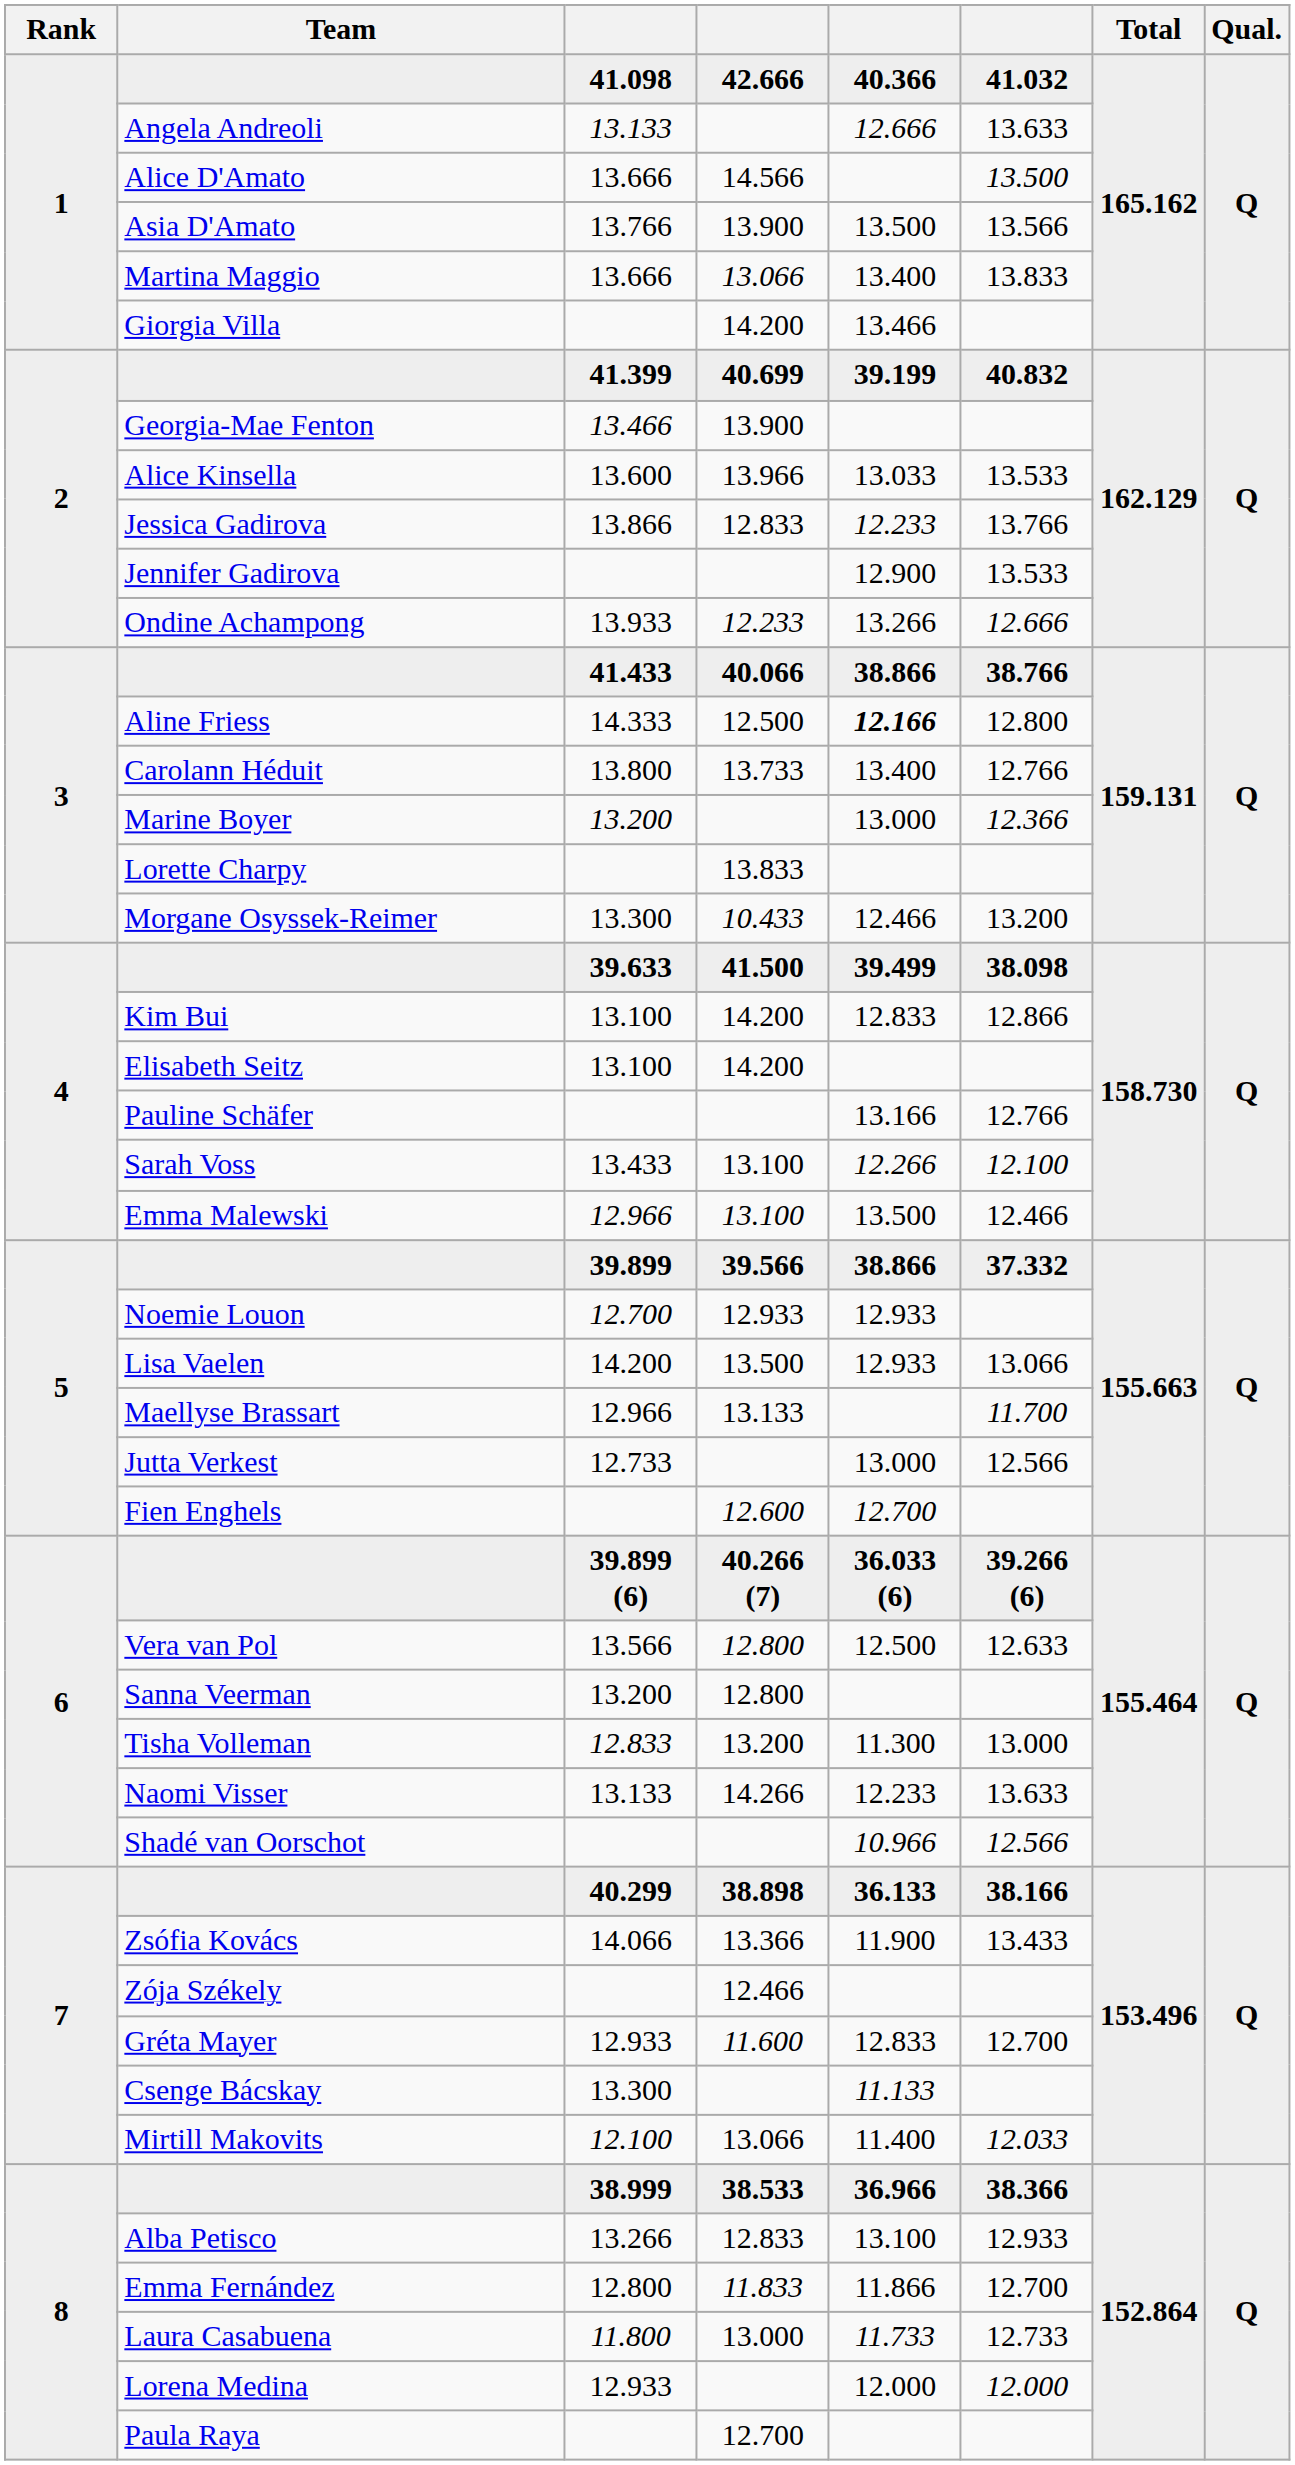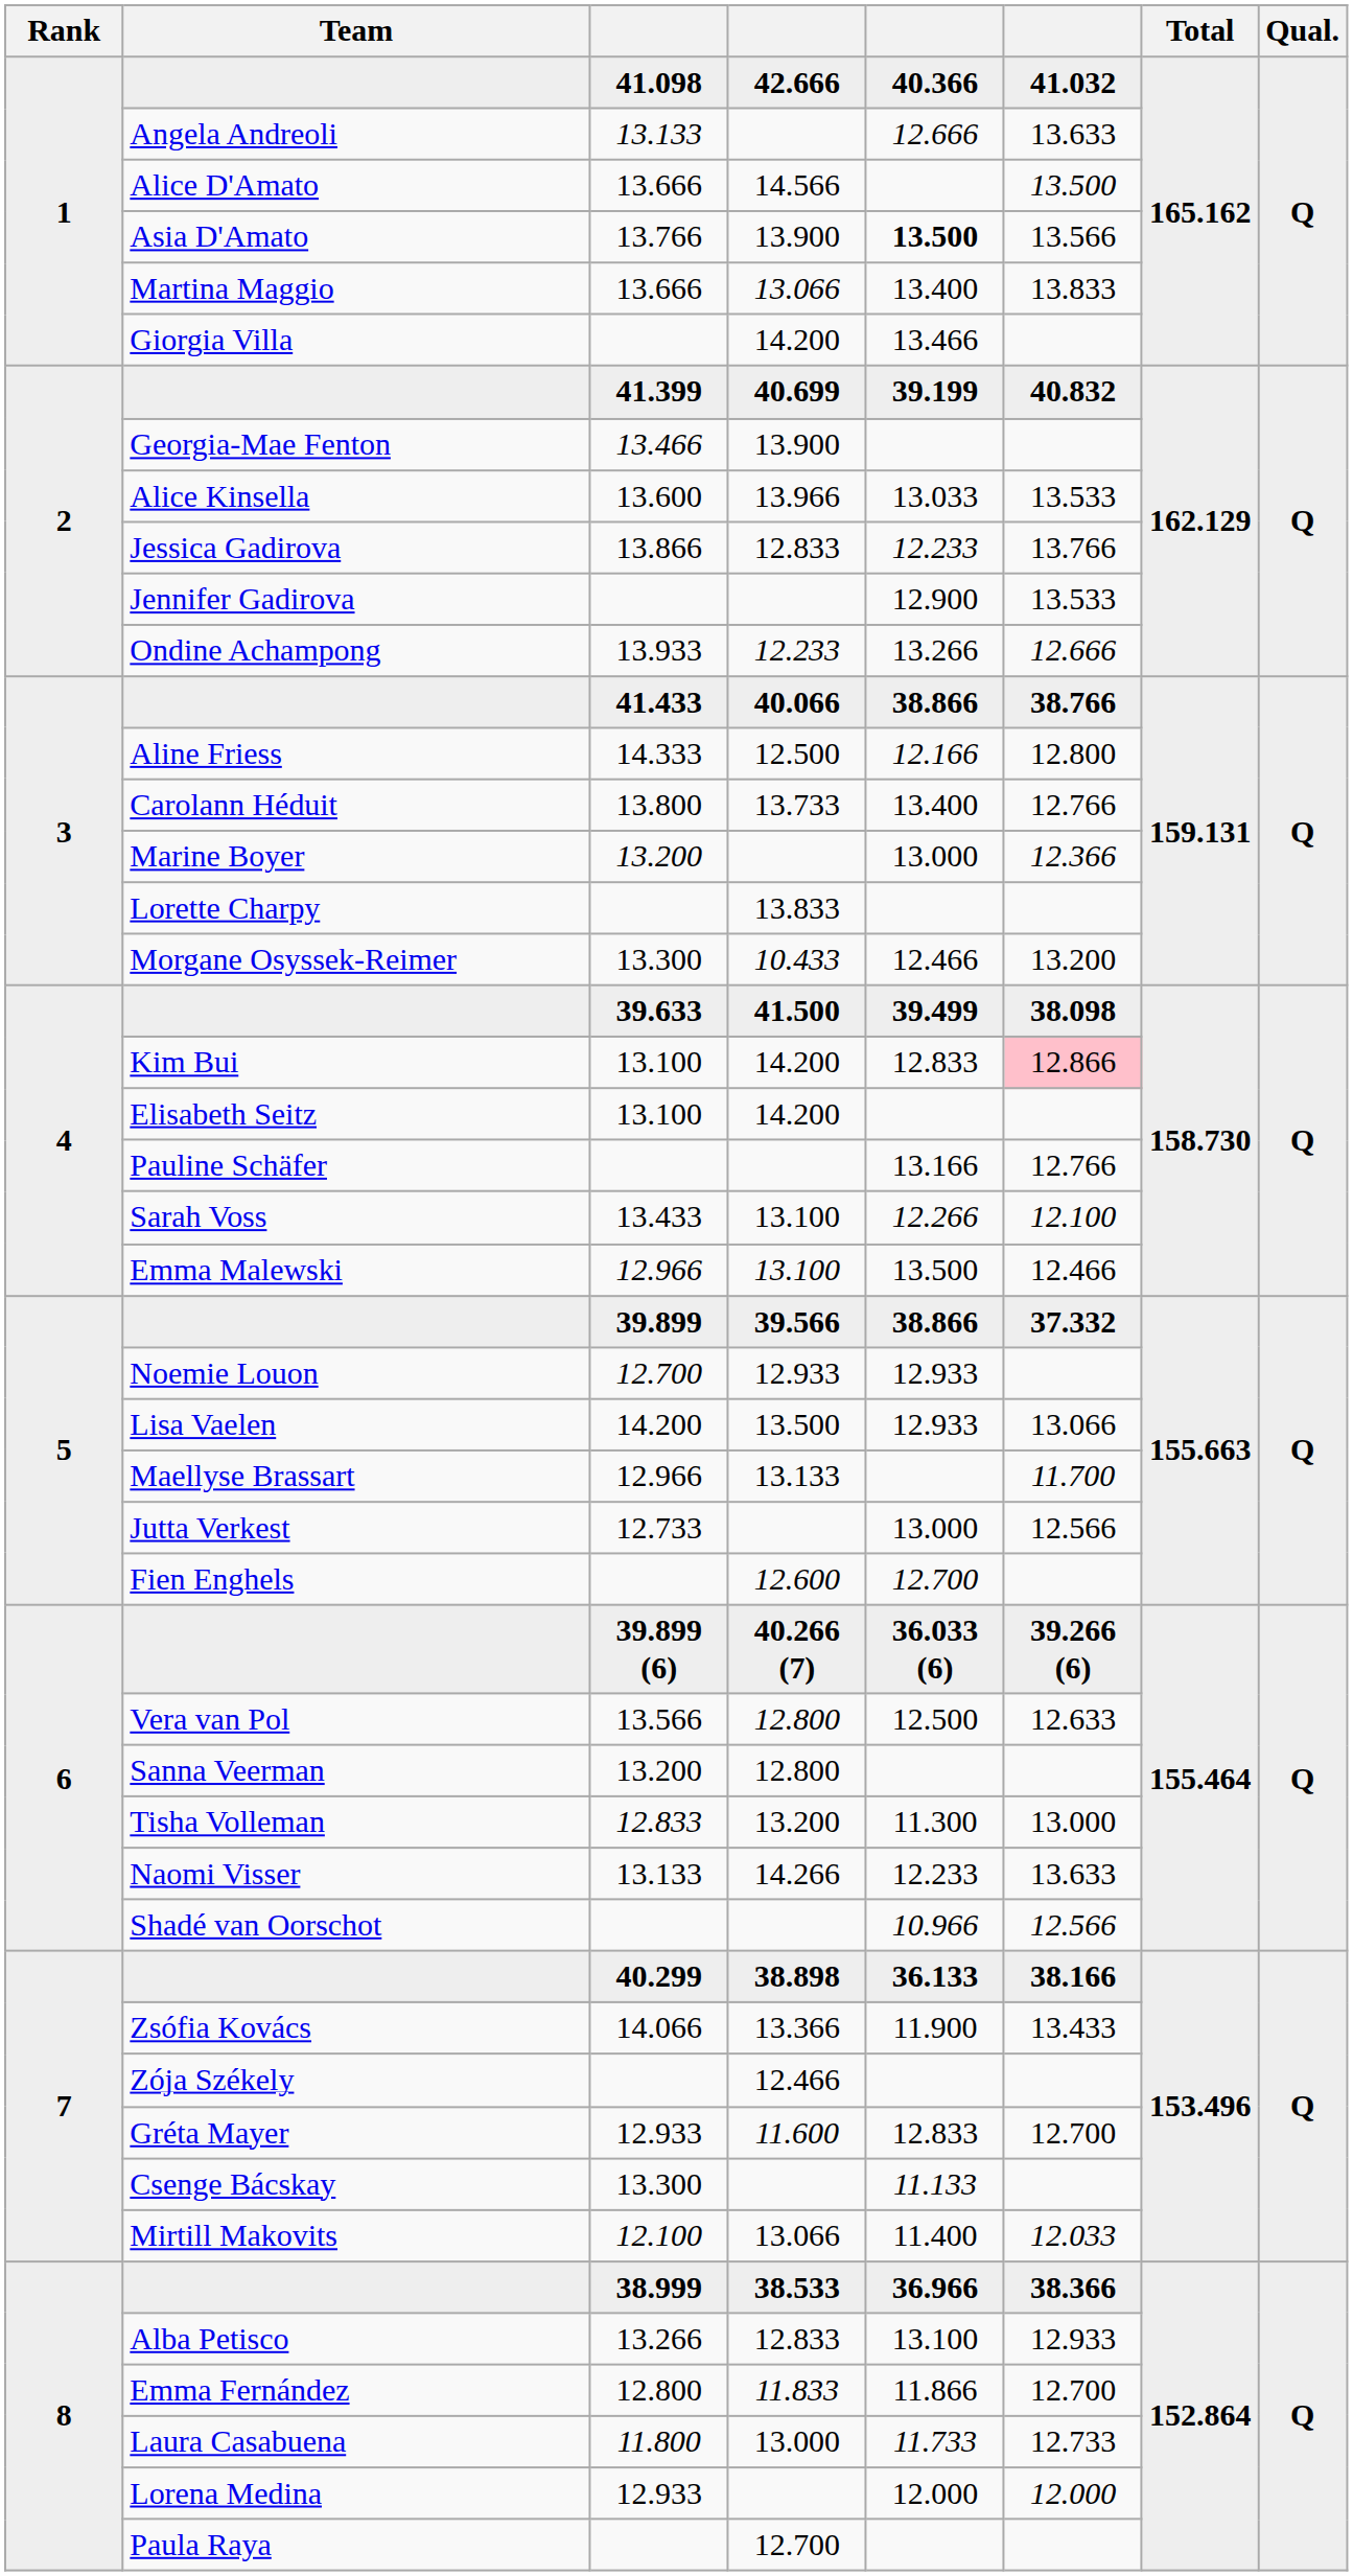 <table style="text-align:center; font-size:95%" class="wikitable sortable">
 <tr>
 <th scope="col" style="width:50px;">Rank</th>
 <th scope="col" style="width:220px;">Team</th>
 <th scope="col" style="width:60px;"></th>
 <th scope="col" style="width:60px;"></th>
 <th scope="col" style="width:60px;"></th>
 <th scope="col" style="width:60px;"></th>
 <th>Total</th>
 <th>Qual.</th>
 </tr>
 <tr style="background:#eee;">
 <td rowspan="6"><strong>1</strong></td>
 <td style="text-align:left;"><strong></strong></td>
 <td><strong>41.098</strong></td>
 <td><strong>42.666</strong></td>
 <td><strong>40.366</strong></td>
 <td><strong>41.032</strong></td>
 <td rowspan="6"><strong>165.162</strong></td>
 <td rowspan="6"><strong>Q</strong></td>
 </tr>
 <tr>
 <td style="text-align:left;"><a href='#'>Angela Andreoli</a></td>
 <td><em>13.133</em></td>
 <td></td>
 <td><em>12.666</em></td>
 <td>13.633</td>
 </tr>
 <tr>
 <td style="text-align:left;"><a href='#'>Alice D'Amato</a></td>
 <td>13.666</td>
 <td>14.566</td>
 <td></td>
 <td><em>13.500</em></td>
 </tr>
 <tr>
 <td style="text-align:left;"><a href='#'>Asia D'Amato</a></td>
 <td>13.766</td>
 <td>13.900</td>
-<td>13.500</td>
+<td><strong>13.500</strong></td>
 <td>13.566</td>
 </tr>
 <tr>
 <td style="text-align:left;"><a href='#'>Martina Maggio</a></td>
 <td>13.666</td>
 <td><em>13.066</em></td>
 <td>13.400</td>
 <td>13.833</td>
 </tr>
 <tr>
 <td style="text-align:left;"><a href='#'>Giorgia Villa</a></td>
 <td></td>
 <td>14.200</td>
 <td>13.466</td>
 <td></td>
 </tr>
 <tr style="background:#eee;">
 <td rowspan="6"><strong>2</strong></td>
 <td style="text-align:left;"><strong></strong></td>
 <td><strong>41.399</strong></td>
 <td><strong>40.699</strong></td>
 <td><strong>39.199</strong></td>
 <td><strong>40.832</strong></td>
 <td rowspan="6"><strong>162.129</strong></td>
 <td rowspan="6"><strong>Q</strong></td>
 </tr>
 <tr>
 <td style="text-align:left;"><a href='#'>Georgia-Mae Fenton</a></td>
 <td><em>13.466</em></td>
 <td>13.900</td>
 <td></td>
 <td></td>
 </tr>
 <tr>
 <td style="text-align:left;"><a href='#'>Alice Kinsella</a></td>
 <td>13.600</td>
 <td>13.966</td>
 <td>13.033</td>
 <td>13.533</td>
 </tr>
 <tr>
 <td style="text-align:left;"><a href='#'>Jessica Gadirova</a></td>
 <td>13.866</td>
 <td>12.833</td>
 <td><em>12.233</em></td>
 <td>13.766</td>
 </tr>
 <tr>
 <td style="text-align:left;"><a href='#'>Jennifer Gadirova</a></td>
 <td></td>
 <td></td>
 <td>12.900</td>
 <td>13.533</td>
 </tr>
 <tr>
 <td style="text-align:left;"><a href='#'>Ondine Achampong</a></td>
 <td>13.933</td>
 <td><em>12.233</em></td>
 <td>13.266</td>
 <td><em>12.666</em></td>
 </tr>
 <tr style="background:#eee;">
 <td rowspan="6"><strong>3</strong></td>
 <td style="text-align:left;"><strong></strong></td>
 <td><strong>41.433</strong></td>
 <td><strong>40.066</strong></td>
 <td><strong>38.866</strong></td>
 <td><strong>38.766</strong></td>
 <td rowspan="6"><strong>159.131</strong></td>
 <td rowspan="6"><strong>Q</strong></td>
 </tr>
 <tr>
 <td style="text-align:left;"><a href='#'>Aline Friess</a></td>
 <td>14.333</td>
 <td>12.500</td>
-<td><strong><em>12.166</em></strong></td>
+<td><em>12.166</em></td>
 <td>12.800</td>
 </tr>
 <tr>
 <td style="text-align:left;"><a href='#'>Carolann Héduit</a></td>
 <td>13.800</td>
 <td>13.733</td>
 <td>13.400</td>
 <td>12.766</td>
 </tr>
 <tr>
 <td style="text-align:left;"><a href='#'>Marine Boyer</a></td>
 <td><em>13.200</em></td>
 <td></td>
 <td>13.000</td>
 <td><em>12.366</em></td>
 </tr>
 <tr>
 <td style="text-align:left;"><a href='#'>Lorette Charpy</a></td>
 <td></td>
 <td>13.833</td>
 <td></td>
 <td></td>
 </tr>
 <tr>
 <td style="text-align:left;"><a href='#'>Morgane Osyssek-Reimer</a></td>
 <td>13.300</td>
 <td><em>10.433</em></td>
 <td>12.466</td>
 <td>13.200</td>
 </tr>
 <tr style="background:#eee;">
 <td rowspan="6"><strong>4</strong></td>
 <td style="text-align:left;"><strong></strong></td>
 <td><strong>39.633</strong></td>
 <td><strong>41.500</strong></td>
 <td><strong>39.499</strong></td>
 <td><strong>38.098</strong></td>
 <td rowspan="6"><strong>158.730</strong></td>
 <td rowspan="6"><strong>Q</strong></td>
 </tr>
 <tr>
 <td style="text-align:left;"><a href='#'>Kim Bui</a></td>
 <td>13.100</td>
 <td>14.200</td>
 <td>12.833</td>
-<td>12.866</td>
+<td style="background: pink;">12.866</td>
 </tr>
 <tr>
 <td style="text-align:left;"><a href='#'>Elisabeth Seitz</a></td>
 <td>13.100</td>
 <td>14.200</td>
 <td></td>
 <td></td>
 </tr>
 <tr>
 <td style="text-align:left;"><a href='#'>Pauline Schäfer</a></td>
 <td></td>
 <td></td>
 <td>13.166</td>
 <td>12.766</td>
 </tr>
 <tr>
 <td style="text-align:left;"><a href='#'>Sarah Voss</a></td>
 <td>13.433</td>
 <td>13.100</td>
 <td><em>12.266</em></td>
 <td><em>12.100</em></td>
 </tr>
 <tr>
 <td style="text-align:left;"><a href='#'>Emma Malewski</a></td>
 <td><em>12.966</em></td>
 <td><em>13.100</em></td>
 <td>13.500</td>
 <td>12.466</td>
 </tr>
 <tr style="background:#eee;">
 <td rowspan="6"><strong>5</strong></td>
 <td style="text-align:left;"><strong></strong></td>
 <td><strong>39.899</strong></td>
 <td><strong>39.566</strong></td>
 <td><strong>38.866</strong></td>
 <td><strong>37.332</strong></td>
 <td rowspan="6"><strong>155.663</strong></td>
 <td rowspan="6"><strong>Q</strong></td>
 </tr>
 <tr>
 <td style="text-align:left;"><a href='#'>Noemie Louon</a></td>
 <td><em>12.700</em></td>
 <td>12.933</td>
 <td>12.933</td>
 <td></td>
 </tr>
 <tr>
 <td style="text-align:left;"><a href='#'>Lisa Vaelen</a></td>
 <td>14.200</td>
 <td>13.500</td>
 <td>12.933</td>
 <td>13.066</td>
 </tr>
 <tr>
 <td style="text-align:left;"><a href='#'>Maellyse Brassart</a></td>
 <td>12.966</td>
 <td>13.133</td>
 <td></td>
 <td><em>11.700</em></td>
 </tr>
 <tr>
 <td style="text-align:left;"><a href='#'>Jutta Verkest</a></td>
 <td>12.733</td>
 <td></td>
 <td>13.000</td>
 <td>12.566</td>
 </tr>
 <tr>
 <td style="text-align:left;"><a href='#'>Fien Enghels</a></td>
 <td></td>
 <td><em>12.600</em></td>
 <td><em>12.700</em></td>
 <td></td>
 </tr>
 <tr style="background:#eee;">
 <td rowspan="6"><strong>6</strong></td>
 <td style="text-align:left;"><strong></strong></td>
 <td><strong>39.899 (6)</strong></td>
 <td><strong>40.266 (7)</strong></td>
 <td><strong>36.033 (6)</strong></td>
 <td><strong>39.266 (6)</strong></td>
 <td rowspan="6"><strong>155.464</strong></td>
 <td rowspan="6"><strong>Q</strong></td>
 </tr>
 <tr>
 <td style="text-align:left;"><a href='#'>Vera van Pol</a></td>
 <td>13.566</td>
 <td><em>12.800</em></td>
 <td>12.500</td>
 <td>12.633</td>
 </tr>
 <tr>
 <td style="text-align:left;"><a href='#'>Sanna Veerman</a></td>
 <td>13.200</td>
 <td>12.800</td>
 <td></td>
 <td></td>
 </tr>
 <tr>
 <td style="text-align:left;"><a href='#'>Tisha Volleman</a></td>
 <td><em>12.833</em></td>
 <td>13.200</td>
 <td>11.300</td>
 <td>13.000</td>
 </tr>
 <tr>
 <td style="text-align:left;"><a href='#'>Naomi Visser</a></td>
 <td>13.133</td>
 <td>14.266</td>
 <td>12.233</td>
 <td>13.633</td>
 </tr>
 <tr>
 <td style="text-align:left;"><a href='#'>Shadé van Oorschot</a></td>
 <td></td>
 <td></td>
 <td><em>10.966</em></td>
 <td><em>12.566</em></td>
 </tr>
 <tr style="background:#eee;">
 <td rowspan="6"><strong>7</strong></td>
 <td style="text-align:left;"><strong></strong></td>
 <td><strong>40.299</strong></td>
 <td><strong>38.898</strong></td>
 <td><strong>36.133</strong></td>
 <td><strong>38.166</strong></td>
 <td rowspan="6"><strong>153.496</strong></td>
 <td rowspan="6"><strong>Q</strong></td>
 </tr>
 <tr>
 <td style="text-align:left;"><a href='#'>Zsófia Kovács</a></td>
 <td>14.066</td>
 <td>13.366</td>
 <td>11.900</td>
 <td>13.433</td>
 </tr>
 <tr>
 <td style="text-align:left;"><a href='#'>Zója Székely</a></td>
 <td></td>
 <td>12.466</td>
 <td></td>
 <td></td>
 </tr>
 <tr>
 <td style="text-align:left;"><a href='#'>Gréta Mayer</a></td>
 <td>12.933</td>
 <td><em>11.600</em></td>
 <td>12.833</td>
 <td>12.700</td>
 </tr>
 <tr>
 <td style="text-align:left;"><a href='#'>Csenge Bácskay</a></td>
 <td>13.300</td>
 <td></td>
 <td><em>11.133</em></td>
 <td></td>
 </tr>
 <tr>
 <td style="text-align:left;"><a href='#'>Mirtill Makovits</a></td>
 <td><em>12.100</em></td>
 <td>13.066</td>
 <td>11.400</td>
 <td><em>12.033</em></td>
 </tr>
 <tr style="background:#eee;">
 <td rowspan="6"><strong>8</strong></td>
 <td style="text-align:left;"><strong></strong></td>
 <td><strong>38.999</strong></td>
 <td><strong>38.533</strong></td>
 <td><strong>36.966</strong></td>
 <td><strong>38.366</strong></td>
 <td rowspan="6"><strong>152.864</strong></td>
 <td rowspan="6"><strong>Q</strong></td>
 </tr>
 <tr>
 <td style="text-align:left;"><a href='#'>Alba Petisco</a></td>
 <td>13.266</td>
 <td>12.833</td>
 <td>13.100</td>
 <td>12.933</td>
 </tr>
 <tr>
 <td style="text-align:left;"><a href='#'>Emma Fernández</a></td>
 <td>12.800</td>
 <td><em>11.833</em></td>
 <td>11.866</td>
 <td>12.700</td>
 </tr>
 <tr>
 <td style="text-align:left;"><a href='#'>Laura Casabuena</a></td>
 <td><em>11.800</em></td>
 <td>13.000</td>
 <td><em>11.733</em></td>
 <td>12.733</td>
 </tr>
 <tr>
 <td style="text-align:left;"><a href='#'>Lorena Medina</a></td>
 <td>12.933</td>
 <td></td>
 <td>12.000</td>
 <td><em>12.000</em></td>
 </tr>
 <tr>
 <td style="text-align:left;"><a href='#'>Paula Raya</a></td>
 <td></td>
 <td>12.700</td>
 <td></td>
 <td></td>
 </tr>
 </table>
